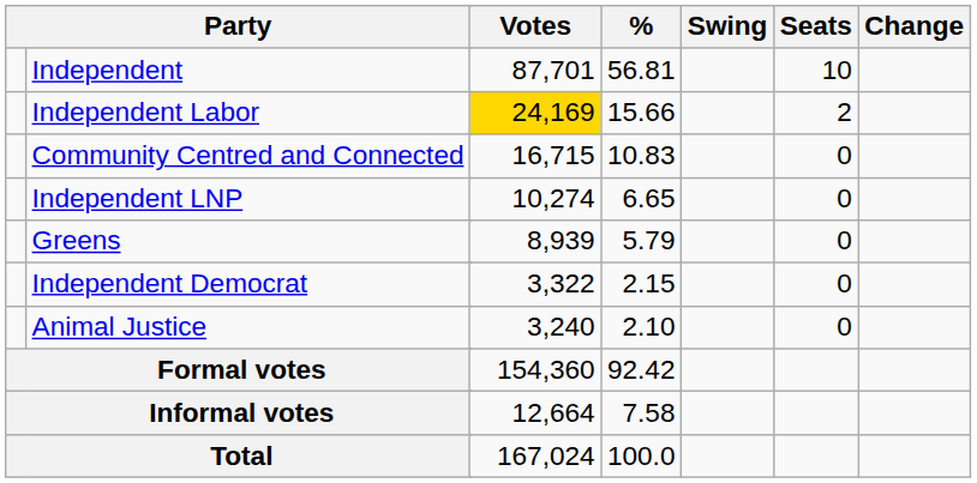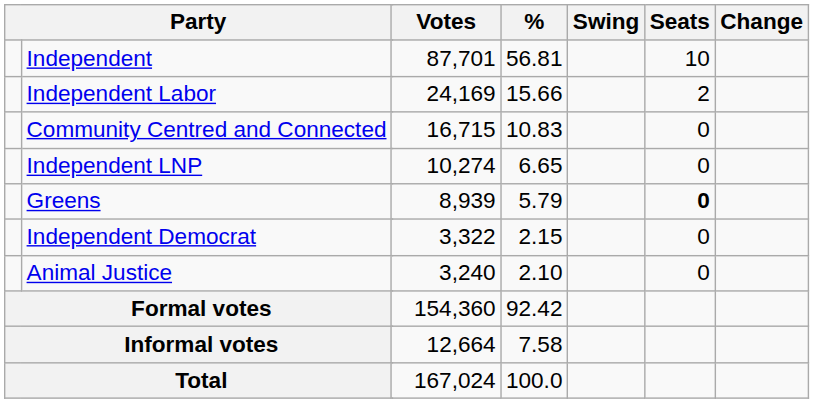 <table class="wikitable" style="text-align:right; margin-bottom:0">
 <tr>
 <th style="width:10px" colspan=3>Party</th>
 <th style="width:70px;">Votes</th>
 <th style="width:40px;">%</th>
 <th style="width:40px;">Swing</th>
 <th style="width:40px;">Seats</th>
 <th style="width:40px;">Change</th>
 </tr>
 <tr>
 <td> </td>
 <td style="text-align:left;" colspan="2"><a href='#'>Independent</a></td>
 <td style="width:70px;">87,701</td>
 <td style="width:40px;">56.81</td>
 <td style="width:45px;"></td>
 <td style="width:40px;">10</td>
 <td style="width:55px;"></td>
 </tr>
 <tr>
 <td> </td>
 <td style="text-align:left;" colspan="2"><a href='#'>Independent Labor</a></td>
-<td style="background: gold; width:70px;">24,169</td>
+<td style="width:70px;">24,169</td>
 <td style="width:40px;">15.66</td>
 <td style="width:45px;"></td>
 <td style="width:40px;">2</td>
 <td style="width:55px;"></td>
 </tr>
 <tr>
 <td> </td>
 <td style="text-align:left;" colspan="2"><a href='#'>Community Centred and Connected</a></td>
 <td style="width:70px;">16,715</td>
 <td style="width:40px;">10.83</td>
 <td style="width:45px;"></td>
 <td style="width:40px;">0</td>
 <td style="width:55px;"></td>
 </tr>
 <tr>
 <td> </td>
 <td style="text-align:left;" colspan="2"><a href='#'>Independent LNP</a></td>
 <td style="width:70px;">10,274</td>
 <td style="width:40px;">6.65</td>
 <td style="width:45px;"></td>
 <td style="width:40px;">0</td>
 <td style="width:55px;"></td>
 </tr>
 <tr>
 <td> </td>
 <td style="text-align:left;" colspan="2"><a href='#'>Greens</a></td>
 <td style="width:70px;">8,939</td>
 <td style="width:40px;">5.79</td>
 <td style="width:45px;"></td>
-<td style="width:40px;">0</td>
+<td style="width:40px;"><strong>0</strong></td>
 <td style="width:55px;"></td>
 </tr>
 <tr>
 <td> </td>
 <td style="text-align:left;" colspan="2"><a href='#'>Independent Democrat</a></td>
 <td style="width:70px;">3,322</td>
 <td style="width:40px;">2.15</td>
 <td style="width:45px;"></td>
 <td style="width:40px;">0</td>
 <td style="width:55px;"></td>
 </tr>
 <tr>
 <td> </td>
 <td style="text-align:left;" colspan="2"><a href='#'>Animal Justice</a></td>
 <td style="width:70px;">3,240</td>
 <td style="width:40px;">2.10</td>
 <td style="width:45px;"></td>
 <td style="width:40px;">0</td>
 <td style="width:55px;"></td>
 </tr>
 <tr>
 <th colspan="3" rowspan="1"> Formal votes</th>
 <td>154,360</td>
 <td>92.42</td>
 <td></td>
 <td></td>
 <td></td>
 </tr>
 <tr>
 <th colspan="3" rowspan="1"> Informal votes</th>
 <td>12,664</td>
 <td>7.58</td>
 <td></td>
 <td></td>
 <td></td>
 </tr>
 <tr>
 <th colspan="3" rowspan="1"> Total</th>
 <td>167,024</td>
 <td>100.0</td>
 <td></td>
 <td></td>
 <td></td>
 </tr>
 </table>
